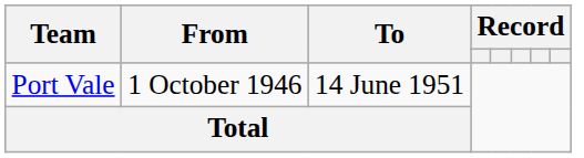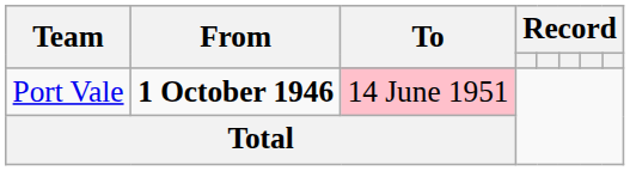 <table class="wikitable" style="text-align: center">
 <tr>
 <th rowspan=2>Team</th>
 <th rowspan=2>From</th>
 <th rowspan=2>To</th>
 <th colspan=5>Record</th>
 </tr>
 <tr>
 <th></th>
 <th></th>
 <th></th>
 <th></th>
 <th></th>
 </tr>
 <tr>
 <td align=left><a href='#'>Port Vale</a></td>
-<td align=left>1 October 1946</td>
-<td align=left>14 June 1951<br></td>
+<td align=left><strong>1 October 1946</strong></td>
+<td align=left style="background: pink;">14 June 1951<br></td>
 </tr>
 <tr>
 <th colspan=3>Total<br></th>
 </tr>
 </table>
